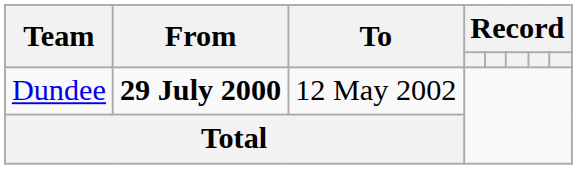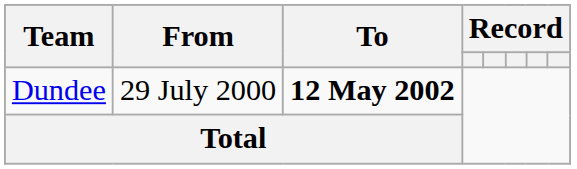 <table class=wikitable style=text-align:center>
 <tr>
 <th rowspan=2>Team</th>
 <th rowspan=2>From</th>
 <th rowspan=2>To</th>
 <th colspan=5>Record</th>
 </tr>
 <tr>
 <th></th>
 <th></th>
 <th></th>
 <th></th>
 <th></th>
 </tr>
 <tr>
 <td align=left><a href='#'>Dundee</a></td>
-<td align=left><strong>29 July 2000</strong></td>
-<td align=left>12 May 2002<br></td>
+<td align=left>29 July 2000</td>
+<td align=left><strong>12 May 2002<br></strong></td>
 </tr>
 <tr>
 <th colspan=3>Total<br></th>
 </tr>
 </table>
